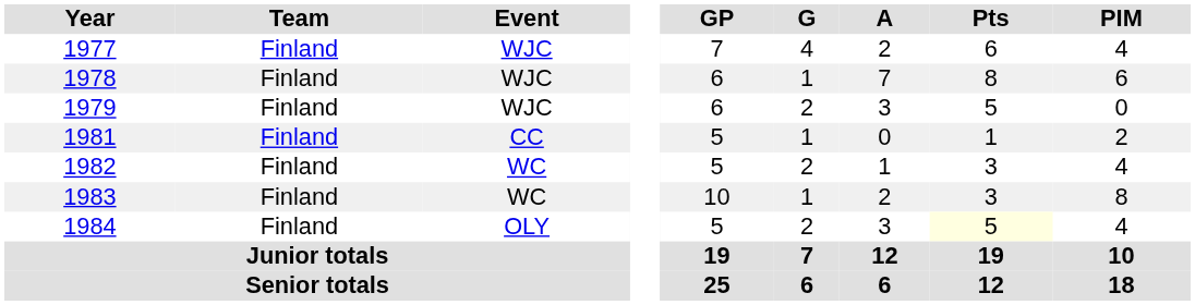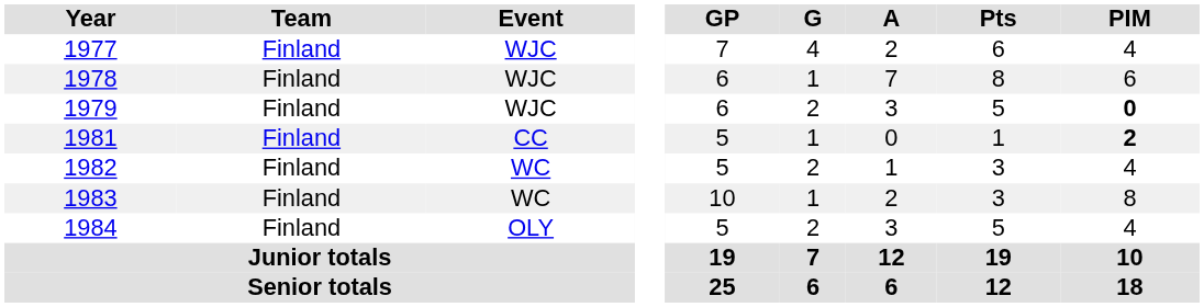 <table border="0" cellpadding="1" cellspacing="0" style="text-align:center; width:50em">
 <tr ALIGN="center" bgcolor="#e0e0e0">
 <th>Year</th>
 <th>Team</th>
 <th>Event</th>
 <th rowspan="99" bgcolor="#ffffff"> </th>
 <th>GP</th>
 <th>G</th>
 <th>A</th>
 <th>Pts</th>
 <th>PIM</th>
 </tr>
 <tr>
 <td><a href='#'>1977</a></td>
 <td><a href='#'>Finland</a></td>
 <td><a href='#'>WJC</a></td>
 <td>7</td>
 <td>4</td>
 <td>2</td>
 <td>6</td>
 <td>4</td>
 </tr>
 <tr bgcolor="#f0f0f0">
 <td><a href='#'>1978</a></td>
 <td>Finland</td>
 <td>WJC</td>
 <td>6</td>
 <td>1</td>
 <td>7</td>
 <td>8</td>
 <td>6</td>
 </tr>
 <tr>
 <td><a href='#'>1979</a></td>
 <td>Finland</td>
 <td>WJC</td>
 <td>6</td>
 <td>2</td>
 <td>3</td>
 <td>5</td>
-<td>0</td>
+<td><strong>0</strong></td>
 </tr>
 <tr bgcolor="#f0f0f0">
 <td><a href='#'>1981</a></td>
 <td><a href='#'>Finland</a></td>
 <td><a href='#'>CC</a></td>
 <td>5</td>
 <td>1</td>
 <td>0</td>
 <td>1</td>
-<td>2</td>
+<td><strong>2</strong></td>
 </tr>
 <tr>
 <td><a href='#'>1982</a></td>
 <td>Finland</td>
 <td><a href='#'>WC</a></td>
 <td>5</td>
 <td>2</td>
 <td>1</td>
 <td>3</td>
 <td>4</td>
 </tr>
 <tr bgcolor="#f0f0f0">
 <td><a href='#'>1983</a></td>
 <td>Finland</td>
 <td>WC</td>
 <td>10</td>
 <td>1</td>
 <td>2</td>
 <td>3</td>
 <td>8</td>
 </tr>
 <tr>
 <td><a href='#'>1984</a></td>
 <td>Finland</td>
 <td><a href='#'>OLY</a></td>
 <td>5</td>
 <td>2</td>
 <td>3</td>
-<td style="background: lightyellow;">5</td>
+<td>5</td>
 <td>4</td>
 </tr>
 <tr bgcolor="#e0e0e0">
 <th colspan=3>Junior totals</th>
 <th>19</th>
 <th>7</th>
 <th>12</th>
 <th>19</th>
 <th>10</th>
 </tr>
 <tr bgcolor="#e0e0e0">
 <th colspan=3>Senior totals</th>
 <th>25</th>
 <th>6</th>
 <th>6</th>
 <th>12</th>
 <th>18</th>
 </tr>
 </table>
